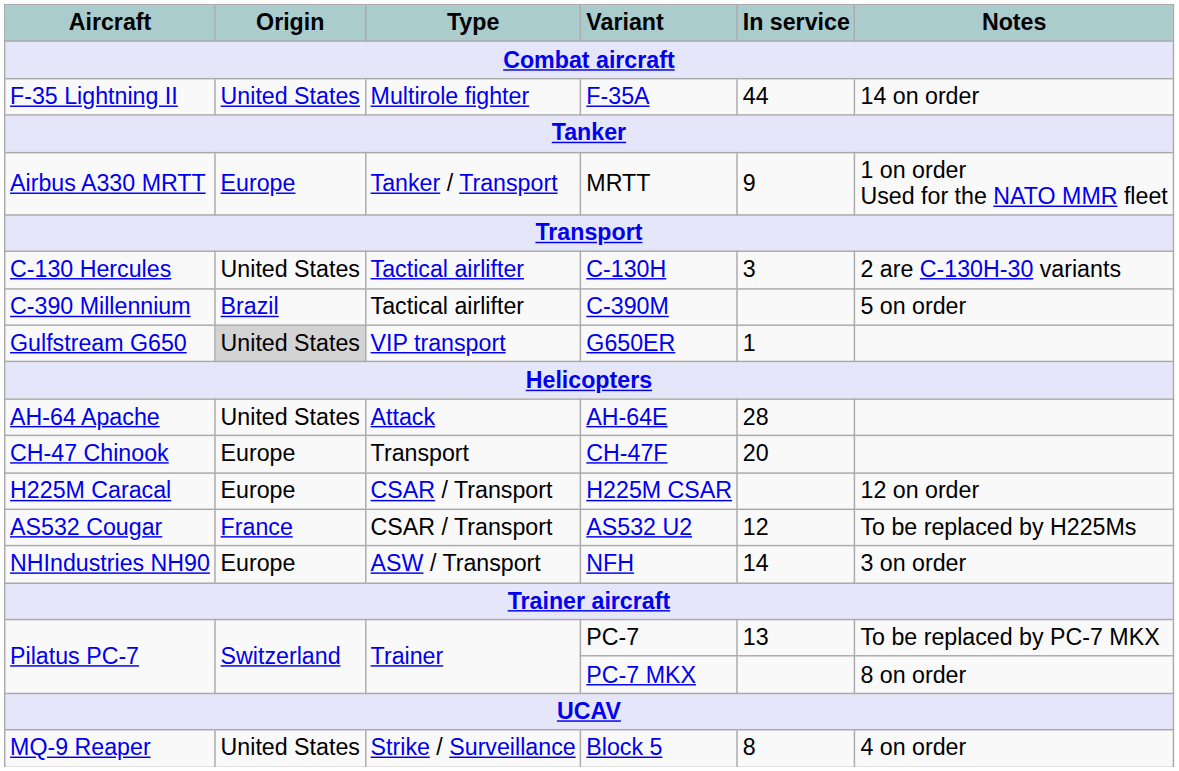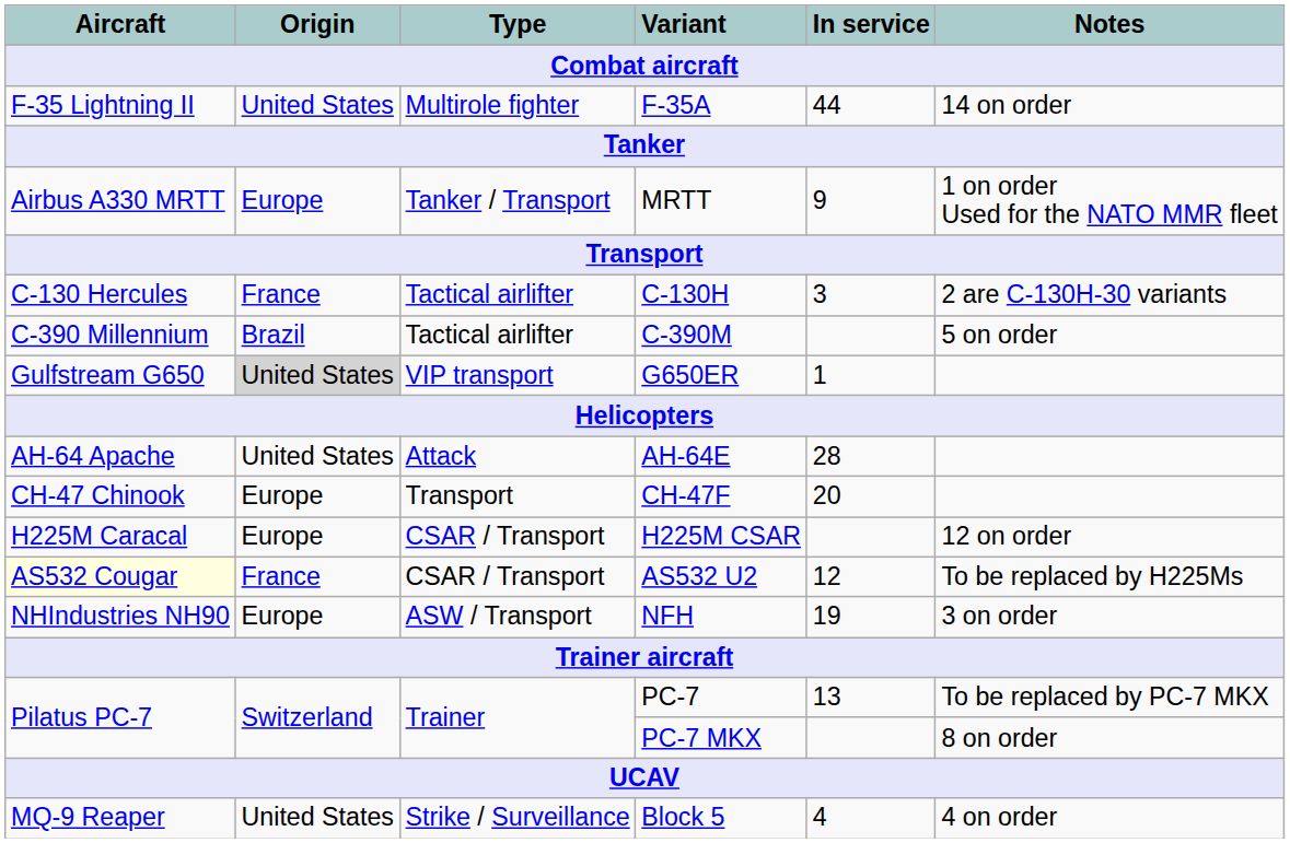 <table class="wikitable">
 <tr>
 <th style="text-align:center; background:#acc;">Aircraft</th>
 <th style="text-align: center; background:#acc;">Origin</th>
 <th style="text-align:l center; background:#acc;">Type</th>
 <th style="text-align:left; background:#acc;">Variant</th>
 <th style="text-align:center; background:#acc;">In service</th>
 <th style="text-align: center; background:#acc;">Notes</th>
 </tr>
 <tr>
 <th style="align: center; background: lavender;" colspan="6"><a href='#'>Combat aircraft</a></th>
 </tr>
 <tr>
 <td><a href='#'>F-35 Lightning II</a></td>
 <td><a href='#'>United States</a></td>
 <td><a href='#'>Multirole fighter</a></td>
 <td><a href='#'>F-35A</a></td>
 <td>44</td>
 <td>14 on order</td>
 </tr>
 <tr>
 <th style="align: center; background: lavender;" colspan="6"><a href='#'>Tanker</a></th>
 </tr>
 <tr>
 <td><a href='#'>Airbus A330 MRTT</a></td>
 <td><a href='#'>Europe</a></td>
 <td><a href='#'>Tanker</a> / <a href='#'>Transport</a></td>
 <td>MRTT</td>
 <td>9</td>
 <td>1 on order<br>Used for the <a href='#'>NATO MMR</a> fleet</td>
 </tr>
 <tr>
 <th style="align: center; background: lavender;" colspan="6"><a href='#'>Transport</a></th>
 </tr>
 <tr>
 <td><a href='#'>C-130 Hercules</a></td>
-<td>United States</td>
+<td><a href='#'>France</a></td>
 <td><a href='#'>Tactical airlifter</a></td>
 <td><a href='#'>C-130H</a></td>
 <td>3</td>
 <td>2 are <a href='#'>C-130H-30</a> variants</td>
 </tr>
 <tr>
 <td><a href='#'>C-390 Millennium</a></td>
 <td><a href='#'>Brazil</a></td>
 <td>Tactical airlifter</td>
 <td><a href='#'>C-390M</a></td>
 <td></td>
 <td>5 on order</td>
 </tr>
 <tr>
 <td><a href='#'>Gulfstream G650</a></td>
 <td style="background: lightgrey;">United States</td>
 <td><a href='#'>VIP transport</a></td>
 <td><a href='#'>G650ER</a></td>
 <td>1</td>
 <td></td>
 </tr>
 <tr>
 <th style="align: center; background: lavender;" colspan="6"><a href='#'>Helicopters</a></th>
 </tr>
 <tr>
 <td><a href='#'>AH-64 Apache</a></td>
 <td>United States</td>
 <td><a href='#'>Attack</a></td>
 <td><a href='#'>AH-64E</a></td>
 <td>28</td>
 <td></td>
 </tr>
 <tr>
 <td><a href='#'>CH-47 Chinook</a></td>
 <td>Europe</td>
 <td>Transport</td>
 <td><a href='#'>CH-47F</a></td>
 <td>20</td>
 <td></td>
 </tr>
 <tr>
 <td><a href='#'>H225M Caracal</a></td>
 <td>Europe</td>
 <td><a href='#'>CSAR</a> / Transport</td>
 <td><a href='#'>H225M CSAR</a></td>
 <td></td>
 <td>12 on order</td>
 </tr>
 <tr>
-<td><a href='#'>AS532 Cougar</a></td>
+<td style="background: lightyellow;"><a href='#'>AS532 Cougar</a></td>
 <td><a href='#'>France</a></td>
 <td>CSAR / Transport</td>
 <td><a href='#'>AS532 U2</a></td>
 <td>12</td>
 <td>To be replaced by H225Ms</td>
 </tr>
 <tr>
 <td><a href='#'>NHIndustries NH90</a></td>
 <td>Europe</td>
 <td><a href='#'>ASW</a> / Transport</td>
 <td><a href='#'>NFH</a></td>
-<td>14</td>
+<td>19</td>
 <td>3 on order</td>
 </tr>
 <tr>
 <th style="align: center; background: lavender;" colspan="6"><a href='#'>Trainer aircraft</a></th>
 </tr>
 <tr>
 <td rowspan="2"><a href='#'>Pilatus PC-7</a></td>
 <td rowspan="2"><a href='#'>Switzerland</a></td>
 <td rowspan="2"><a href='#'>Trainer</a></td>
 <td>PC-7</td>
 <td>13</td>
 <td>To be replaced by PC-7 MKX</td>
 </tr>
 <tr>
 <td><a href='#'>PC-7 MKX</a></td>
 <td></td>
 <td>8 on order</td>
 </tr>
 <tr>
 <th style="align: center; background: lavender;" colspan="6"><a href='#'>UCAV</a></th>
 </tr>
 <tr>
 <td><a href='#'>MQ-9 Reaper</a></td>
 <td>United States</td>
 <td><a href='#'>Strike</a> / <a href='#'>Surveillance</a></td>
 <td><a href='#'>Block 5</a></td>
-<td>8</td>
+<td>4</td>
 <td>4 on order</td>
 </tr>
 </table>
